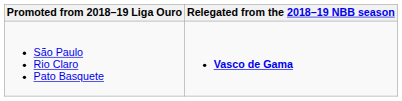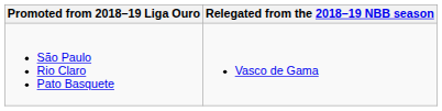 <table class="wikitable">
 <tr>
 <th> Promoted from 2018–19 Liga Ouro</th>
 <th> Relegated from the <a href='#'>2018–19 NBB season</a></th>
 </tr>
 <tr>
 <td><br><ul><li><a href='#'>São Paulo</a></li><li><a href='#'>Rio Claro</a></li><li><a href='#'>Pato Basquete</a></li></ul></td>
-<td><strong><br><ul><li><a href='#'>Vasco de Gama</a></li></ul></strong></td>
+<td><br><ul><li><a href='#'>Vasco de Gama</a></li></ul></td>
 </tr>
 </table>
